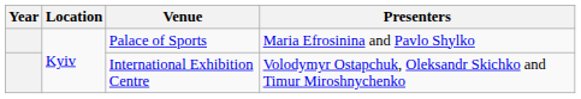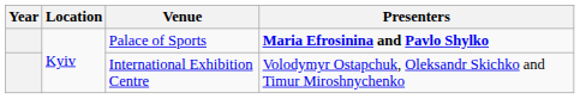 <table class="wikitable plainrowheaders">
 <tr>
 <th>Year</th>
 <th>Location</th>
 <th>Venue</th>
 <th>Presenters</th>
 </tr>
 <tr>
 <th scope="row"></th>
 <td rowspan="2"><a href='#'>Kyiv</a></td>
 <td><a href='#'>Palace of Sports</a></td>
-<td><a href='#'>Maria Efrosinina</a> and <a href='#'>Pavlo Shylko</a></td>
+<td><strong><a href='#'>Maria Efrosinina</a> and <a href='#'>Pavlo Shylko</a></strong></td>
 </tr>
 <tr>
 <th scope="row"></th>
 <td><a href='#'>International Exhibition Centre</a></td>
 <td><a href='#'>Volodymyr Ostapchuk</a>, <a href='#'>Oleksandr Skichko</a> and <a href='#'>Timur Miroshnychenko</a></td>
 </tr>
 </table>
